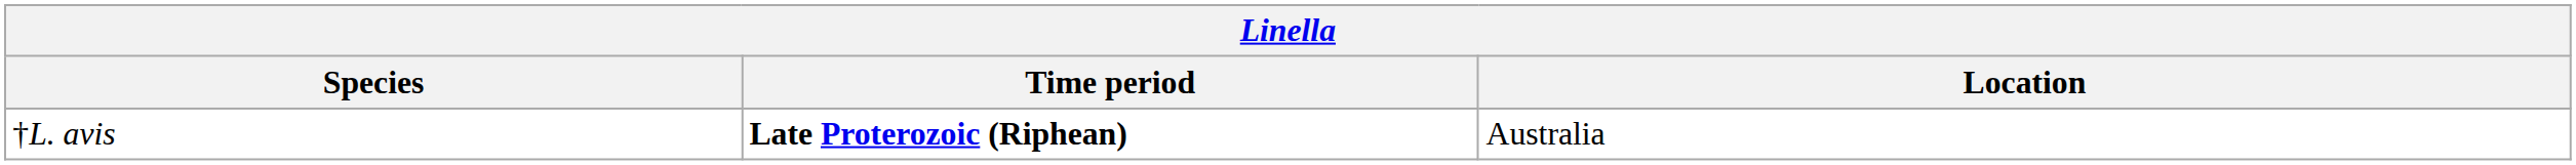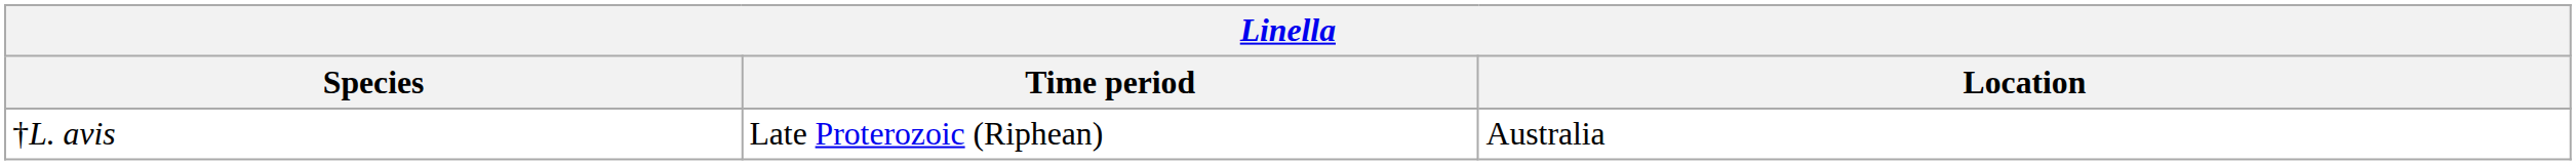 <table class="wikitable sortable" style="background:white; width:100%;">
 <tr>
 <th colspan="5" align="center"><em><a href='#'>Linella</a></em> </th>
 </tr>
 <tr>
 <th style=width:200px>Species</th>
 <th style=width:200px>Time period</th>
 <th style=width:300px>Location</th>
 </tr>
 <tr>
 <td>†<em>L. avis</em></td>
-<td><strong>Late <a href='#'>Proterozoic</a> (Riphean)</strong></td>
+<td>Late <a href='#'>Proterozoic</a> (Riphean)</td>
 <td>Australia</td>
 </tr>
 </table>
